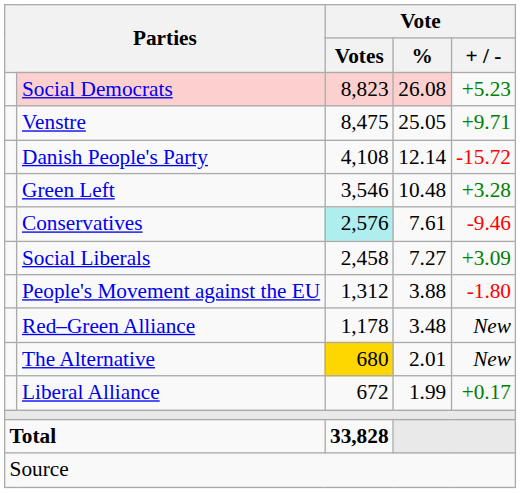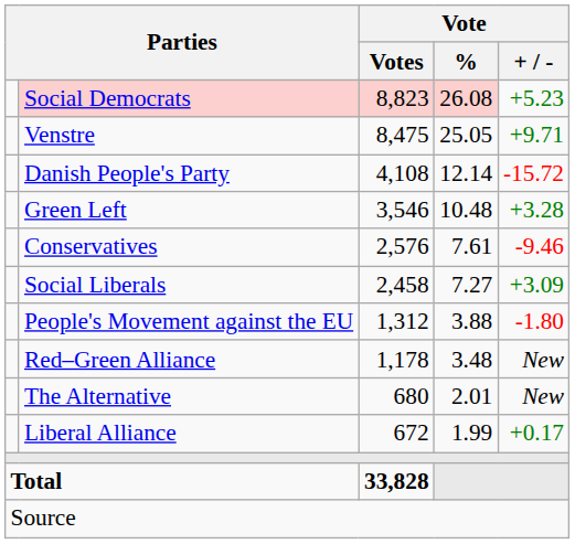 <table class="wikitable" style="text-align:right;">
 <tr>
 <th style="text-align:centre;" rowspan="2" colspan="2" width="225">Parties</th>
 <th colspan="3">Vote</th>
 </tr>
 <tr>
 <th width="15">Votes</th>
 <th width="15">%</th>
 <th width="15">+ / -</th>
 </tr>
 <tr>
 <td width="2" style="color:inherit;background:"></td>
 <td bgcolor=#fbd0ce   align="left"><a href='#'>Social Democrats</a></td>
 <td bgcolor=#fbd0ce>8,823</td>
 <td bgcolor=#fbd0ce>26.08</td>
 <td style=color:green;>+5.23</td>
 </tr>
 <tr>
 <td width="2" style="color:inherit;background:"></td>
 <td align="left"><a href='#'>Venstre</a></td>
 <td>8,475</td>
 <td>25.05</td>
 <td style=color:green;>+9.71</td>
 </tr>
 <tr>
 <td width="2" style="color:inherit;background:"></td>
 <td align="left"><a href='#'>Danish People's Party</a></td>
 <td>4,108</td>
 <td>12.14</td>
 <td style=color:red;>-15.72</td>
 </tr>
 <tr>
 <td width="2" style="color:inherit;background:"></td>
 <td align="left"><a href='#'>Green Left</a></td>
 <td>3,546</td>
 <td>10.48</td>
 <td style=color:green;>+3.28</td>
 </tr>
 <tr>
 <td width="2" style="color:inherit;background:"></td>
 <td align="left"><a href='#'>Conservatives</a></td>
-<td style="background: paleturquoise;">2,576</td>
+<td>2,576</td>
 <td>7.61</td>
 <td style=color:red;>-9.46</td>
 </tr>
 <tr>
 <td width="2" style="color:inherit;background:"></td>
 <td align="left"><a href='#'>Social Liberals</a></td>
 <td>2,458</td>
 <td>7.27</td>
 <td style=color:green;>+3.09</td>
 </tr>
 <tr>
 <td width="2" style="color:inherit;background:"></td>
 <td align="left"><a href='#'>People's Movement against the EU</a></td>
 <td>1,312</td>
 <td>3.88</td>
 <td style=color:red;>-1.80</td>
 </tr>
 <tr>
 <td width="2" style="color:inherit;background:"></td>
 <td align="left"><a href='#'>Red–Green Alliance</a></td>
 <td>1,178</td>
 <td>3.48</td>
 <td><em>New</em></td>
 </tr>
 <tr>
 <td width="2" style="color:inherit;background:"></td>
 <td align="left"><a href='#'>The Alternative</a></td>
-<td style="background: gold;">680</td>
+<td>680</td>
 <td>2.01</td>
 <td><em>New</em></td>
 </tr>
 <tr>
 <td width="2" style="color:inherit;background:"></td>
 <td align="left"><a href='#'>Liberal Alliance</a></td>
 <td>672</td>
 <td>1.99</td>
 <td style=color:green;>+0.17</td>
 </tr>
 <tr>
 <td colspan="7" bgcolor="#E9E9E9"></td>
 </tr>
 <tr>
 <td align="left" colspan="2"><strong>Total</strong></td>
 <td><strong>33,828</strong></td>
 <td bgcolor="#E9E9E9" colspan="2"></td>
 </tr>
 <tr>
 <td align="left" colspan="6">Source</td>
 </tr>
 </table>
